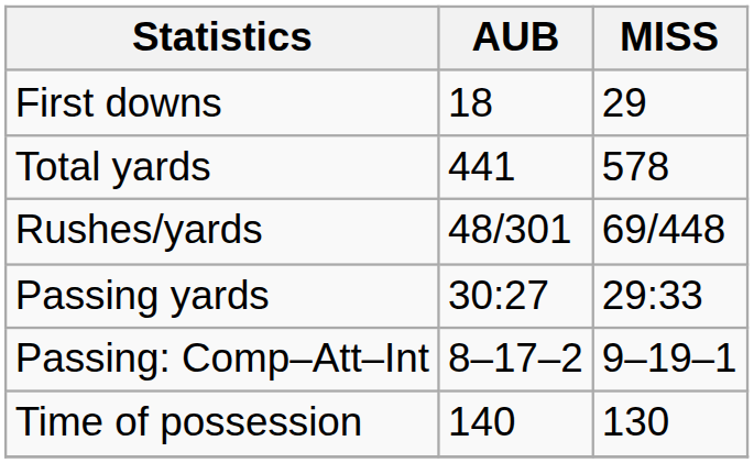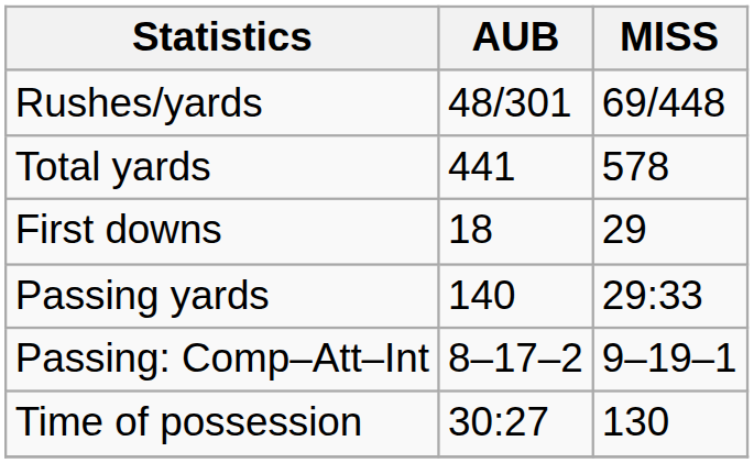 <table class="wikitable" style="float: left;">
 <tr>
 <th>Statistics</th>
 <th>AUB</th>
 <th>MISS</th>
 </tr>
 <tr>
-<td>First downs</td>
-<td>18</td>
-<td>29</td>
+<td>Rushes/yards</td>
+<td>48/301</td>
+<td>69/448</td>
 </tr>
 <tr>
 <td>Total yards</td>
 <td>441</td>
 <td>578</td>
 </tr>
 <tr>
-<td>Rushes/yards</td>
-<td>48/301</td>
-<td>69/448</td>
+<td>First downs</td>
+<td>18</td>
+<td>29</td>
 </tr>
 <tr>
 <td>Passing yards</td>
-<td>30:27</td>
+<td>140</td>
 <td>29:33</td>
 </tr>
 <tr>
 <td>Passing: Comp–Att–Int</td>
 <td>8–17–2</td>
 <td>9–19–1</td>
 </tr>
 <tr>
 <td>Time of possession</td>
-<td>140</td>
+<td>30:27</td>
 <td>130</td>
 </tr>
 <tr>
 </tr>
 </table>
